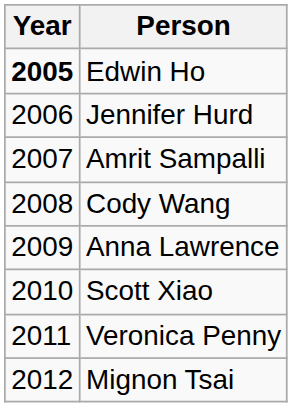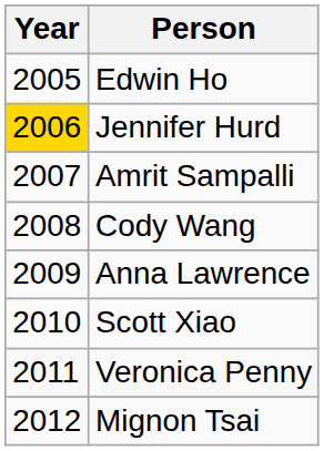 <table class="wikitable">
 <tr>
 <th>Year</th>
 <th>Person</th>
 </tr>
 <tr>
-<td><strong>2005</strong></td>
+<td>2005</td>
 <td>Edwin Ho</td>
 </tr>
 <tr>
-<td>2006</td>
+<td style="background: gold;">2006</td>
 <td>Jennifer Hurd</td>
 </tr>
 <tr>
 <td>2007</td>
 <td>Amrit Sampalli</td>
 </tr>
 <tr>
 <td>2008</td>
 <td>Cody Wang</td>
 </tr>
 <tr>
 <td>2009</td>
 <td>Anna Lawrence</td>
 </tr>
 <tr>
 <td>2010</td>
 <td>Scott Xiao</td>
 </tr>
 <tr>
 <td>2011</td>
 <td>Veronica Penny</td>
 </tr>
 <tr>
 <td>2012</td>
 <td>Mignon Tsai</td>
 </tr>
 </table>
